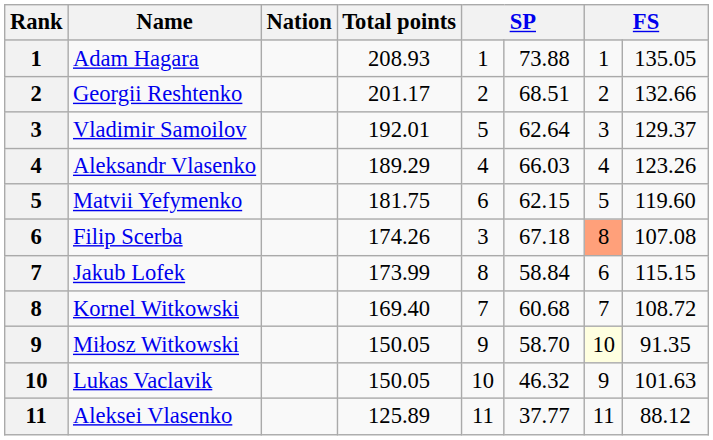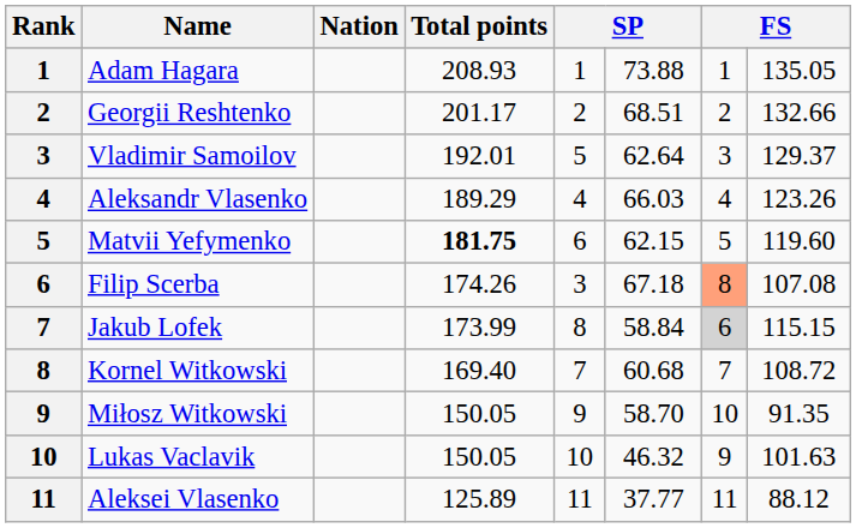 <table class="wikitable sortable">
 <tr>
 <th>Rank</th>
 <th>Name</th>
 <th>Nation</th>
 <th>Total points</th>
 <th colspan=2 width=80px><a href='#'>SP</a></th>
 <th colspan=2 width=80px><a href='#'>FS</a></th>
 </tr>
 <tr>
 <th>1</th>
 <td><a href='#'>Adam Hagara</a></td>
 <td></td>
 <td align="center">208.93</td>
 <td align="center">1</td>
 <td align="center">73.88</td>
 <td align="center">1</td>
 <td align="center">135.05</td>
 </tr>
 <tr>
 <th>2</th>
 <td><a href='#'>Georgii Reshtenko</a></td>
 <td></td>
 <td align="center">201.17</td>
 <td align="center">2</td>
 <td align="center">68.51</td>
 <td align="center">2</td>
 <td align="center">132.66</td>
 </tr>
 <tr>
 <th>3</th>
 <td><a href='#'>Vladimir Samoilov</a></td>
 <td></td>
 <td align="center">192.01</td>
 <td align="center">5</td>
 <td align="center">62.64</td>
 <td align="center">3</td>
 <td align="center">129.37</td>
 </tr>
 <tr>
 <th>4</th>
 <td><a href='#'>Aleksandr Vlasenko</a></td>
 <td></td>
 <td align="center">189.29</td>
 <td align="center">4</td>
 <td align="center">66.03</td>
 <td align="center">4</td>
 <td align="center">123.26</td>
 </tr>
 <tr>
 <th>5</th>
 <td><a href='#'>Matvii Yefymenko</a></td>
 <td></td>
-<td align="center">181.75</td>
+<td align="center"><strong>181.75</strong></td>
 <td align="center">6</td>
 <td align="center">62.15</td>
 <td align="center">5</td>
 <td align="center">119.60</td>
 </tr>
 <tr>
 <th>6</th>
 <td><a href='#'>Filip Scerba</a></td>
 <td></td>
 <td align="center">174.26</td>
 <td align="center">3</td>
 <td align="center">67.18</td>
 <td align="center" style="background: lightsalmon;">8</td>
 <td align="center">107.08</td>
 </tr>
 <tr>
 <th>7</th>
 <td><a href='#'>Jakub Lofek</a></td>
 <td></td>
 <td align="center">173.99</td>
 <td align="center">8</td>
 <td align="center">58.84</td>
-<td align="center">6</td>
+<td align="center" style="background: lightgrey;">6</td>
 <td align="center">115.15</td>
 </tr>
 <tr>
 <th>8</th>
 <td><a href='#'>Kornel Witkowski</a></td>
 <td></td>
 <td align="center">169.40</td>
 <td align="center">7</td>
 <td align="center">60.68</td>
 <td align="center">7</td>
 <td align="center">108.72</td>
 </tr>
 <tr>
 <th>9</th>
 <td><a href='#'>Miłosz Witkowski</a></td>
 <td></td>
 <td align="center">150.05</td>
 <td align="center">9</td>
 <td align="center">58.70</td>
-<td align="center" style="background: lightyellow;">10</td>
+<td align="center">10</td>
 <td align="center">91.35</td>
 </tr>
 <tr>
 <th>10</th>
 <td><a href='#'>Lukas Vaclavik</a></td>
 <td></td>
 <td align="center">150.05</td>
 <td align="center">10</td>
 <td align="center">46.32</td>
 <td align="center">9</td>
 <td align="center">101.63</td>
 </tr>
 <tr>
 <th>11</th>
 <td><a href='#'>Aleksei Vlasenko</a></td>
 <td></td>
 <td align=center>125.89</td>
 <td align=center>11</td>
 <td align=center>37.77</td>
 <td align=center>11</td>
 <td align=center>88.12</td>
 </tr>
 </table>
